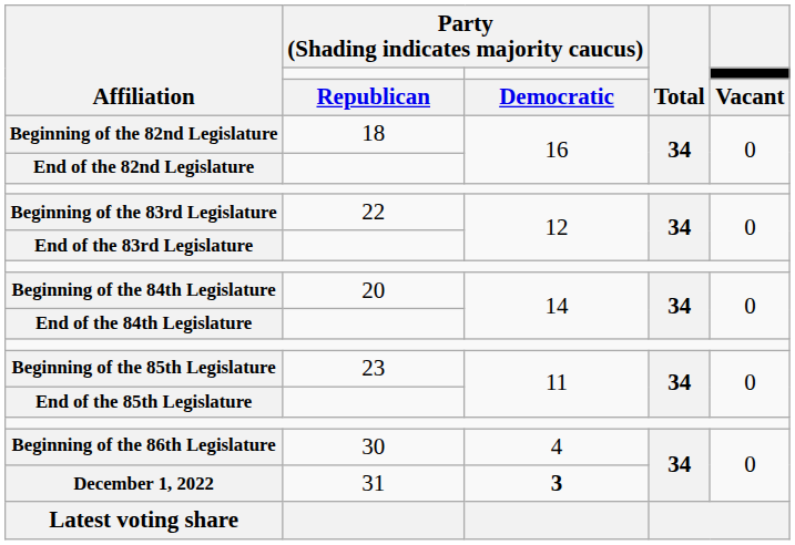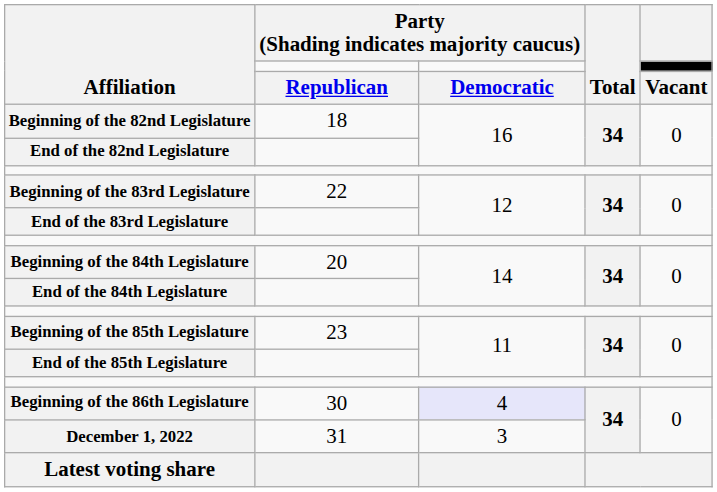 <table class="wikitable" style="text-align:center">
 <tr style="vertical-align:bottom;">
 <th rowspan="3">Affiliation</th>
 <th colspan="2">Party <div>(Shading indicates majority caucus)</div></th>
 <th rowspan="3">Total</th>
 <th></th>
 </tr>
 <tr style="height:5px">
 <td style="background-color:"></td>
 <td style="background-color:"></td>
 <td style="background: black"></td>
 </tr>
 <tr>
 <th><a href='#'>Republican</a></th>
 <th><a href='#'>Democratic</a></th>
 <th>Vacant</th>
 </tr>
 <tr>
 <th nowrap="" style="font-size:80%">Beginning of the 82nd Legislature</th>
 <td>18</td>
 <td rowspan="2">16</td>
 <th rowspan="2">34</th>
 <td rowspan="2">0</td>
 </tr>
 <tr>
 <th nowrap="" style="font-size:80%">End of the 82nd Legislature</th>
 </tr>
 <tr>
 <td colspan="5"></td>
 </tr>
 <tr>
 <th nowrap="" style="font-size:80%">Beginning of the 83rd Legislature</th>
 <td>22</td>
 <td rowspan="2">12</td>
 <th rowspan="2">34</th>
 <td rowspan="2">0</td>
 </tr>
 <tr>
 <th nowrap="" style="font-size:80%">End of the 83rd Legislature</th>
 </tr>
 <tr>
 <td colspan="5"></td>
 </tr>
 <tr>
 <th nowrap="" style="font-size:80%">Beginning of the 84th Legislature</th>
 <td>20</td>
 <td rowspan="2">14</td>
 <th rowspan="2">34</th>
 <td rowspan="2">0</td>
 </tr>
 <tr>
 <th nowrap="" style="font-size:80%">End of the 84th Legislature</th>
 </tr>
 <tr>
 <td colspan="5"></td>
 </tr>
 <tr>
 <th nowrap="" style="font-size:80%">Beginning of the 85th Legislature</th>
 <td>23</td>
 <td rowspan="2">11</td>
 <th rowspan="2">34</th>
 <td rowspan="2">0</td>
 </tr>
 <tr>
 <th nowrap="" style="font-size:80%">End of the 85th Legislature</th>
 </tr>
 <tr>
 <td colspan="5"></td>
 </tr>
 <tr>
 <th nowrap="" style="font-size:80%">Beginning of the 86th Legislature</th>
 <td>30</td>
-<td>4</td>
+<td style="background: lavender;">4</td>
 <th rowspan=2>34</th>
 <td rowspan=2>0</td>
 </tr>
 <tr>
 <th nowrap="" style="font-size:80%">December 1, 2022</th>
 <td>31</td>
-<td><strong>3</strong></td>
+<td>3</td>
 </tr>
 <tr>
 <th>Latest voting share</th>
 <th></th>
 <th></th>
 <th colspan=2></th>
 </tr>
 </table>
